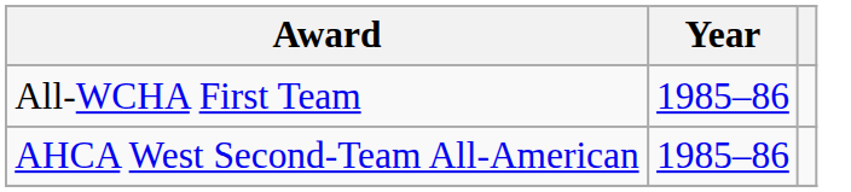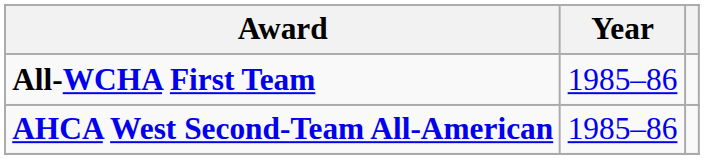 <table class="wikitable">
 <tr>
 <th>Award</th>
 <th>Year</th>
 <th></th>
 </tr>
 <tr>
-<td>All-<a href='#'>WCHA</a> <a href='#'>First Team</a></td>
+<td><strong>All-<a href='#'>WCHA</a> <a href='#'>First Team</a></strong></td>
 <td><a href='#'>1985–86</a></td>
 <td></td>
 </tr>
 <tr>
-<td><a href='#'>AHCA</a> <a href='#'>West Second-Team All-American</a></td>
+<td><strong><a href='#'>AHCA</a> <a href='#'>West Second-Team All-American</a></strong></td>
 <td><a href='#'>1985–86</a></td>
 <td></td>
 </tr>
 <tr>
 </tr>
 </table>
